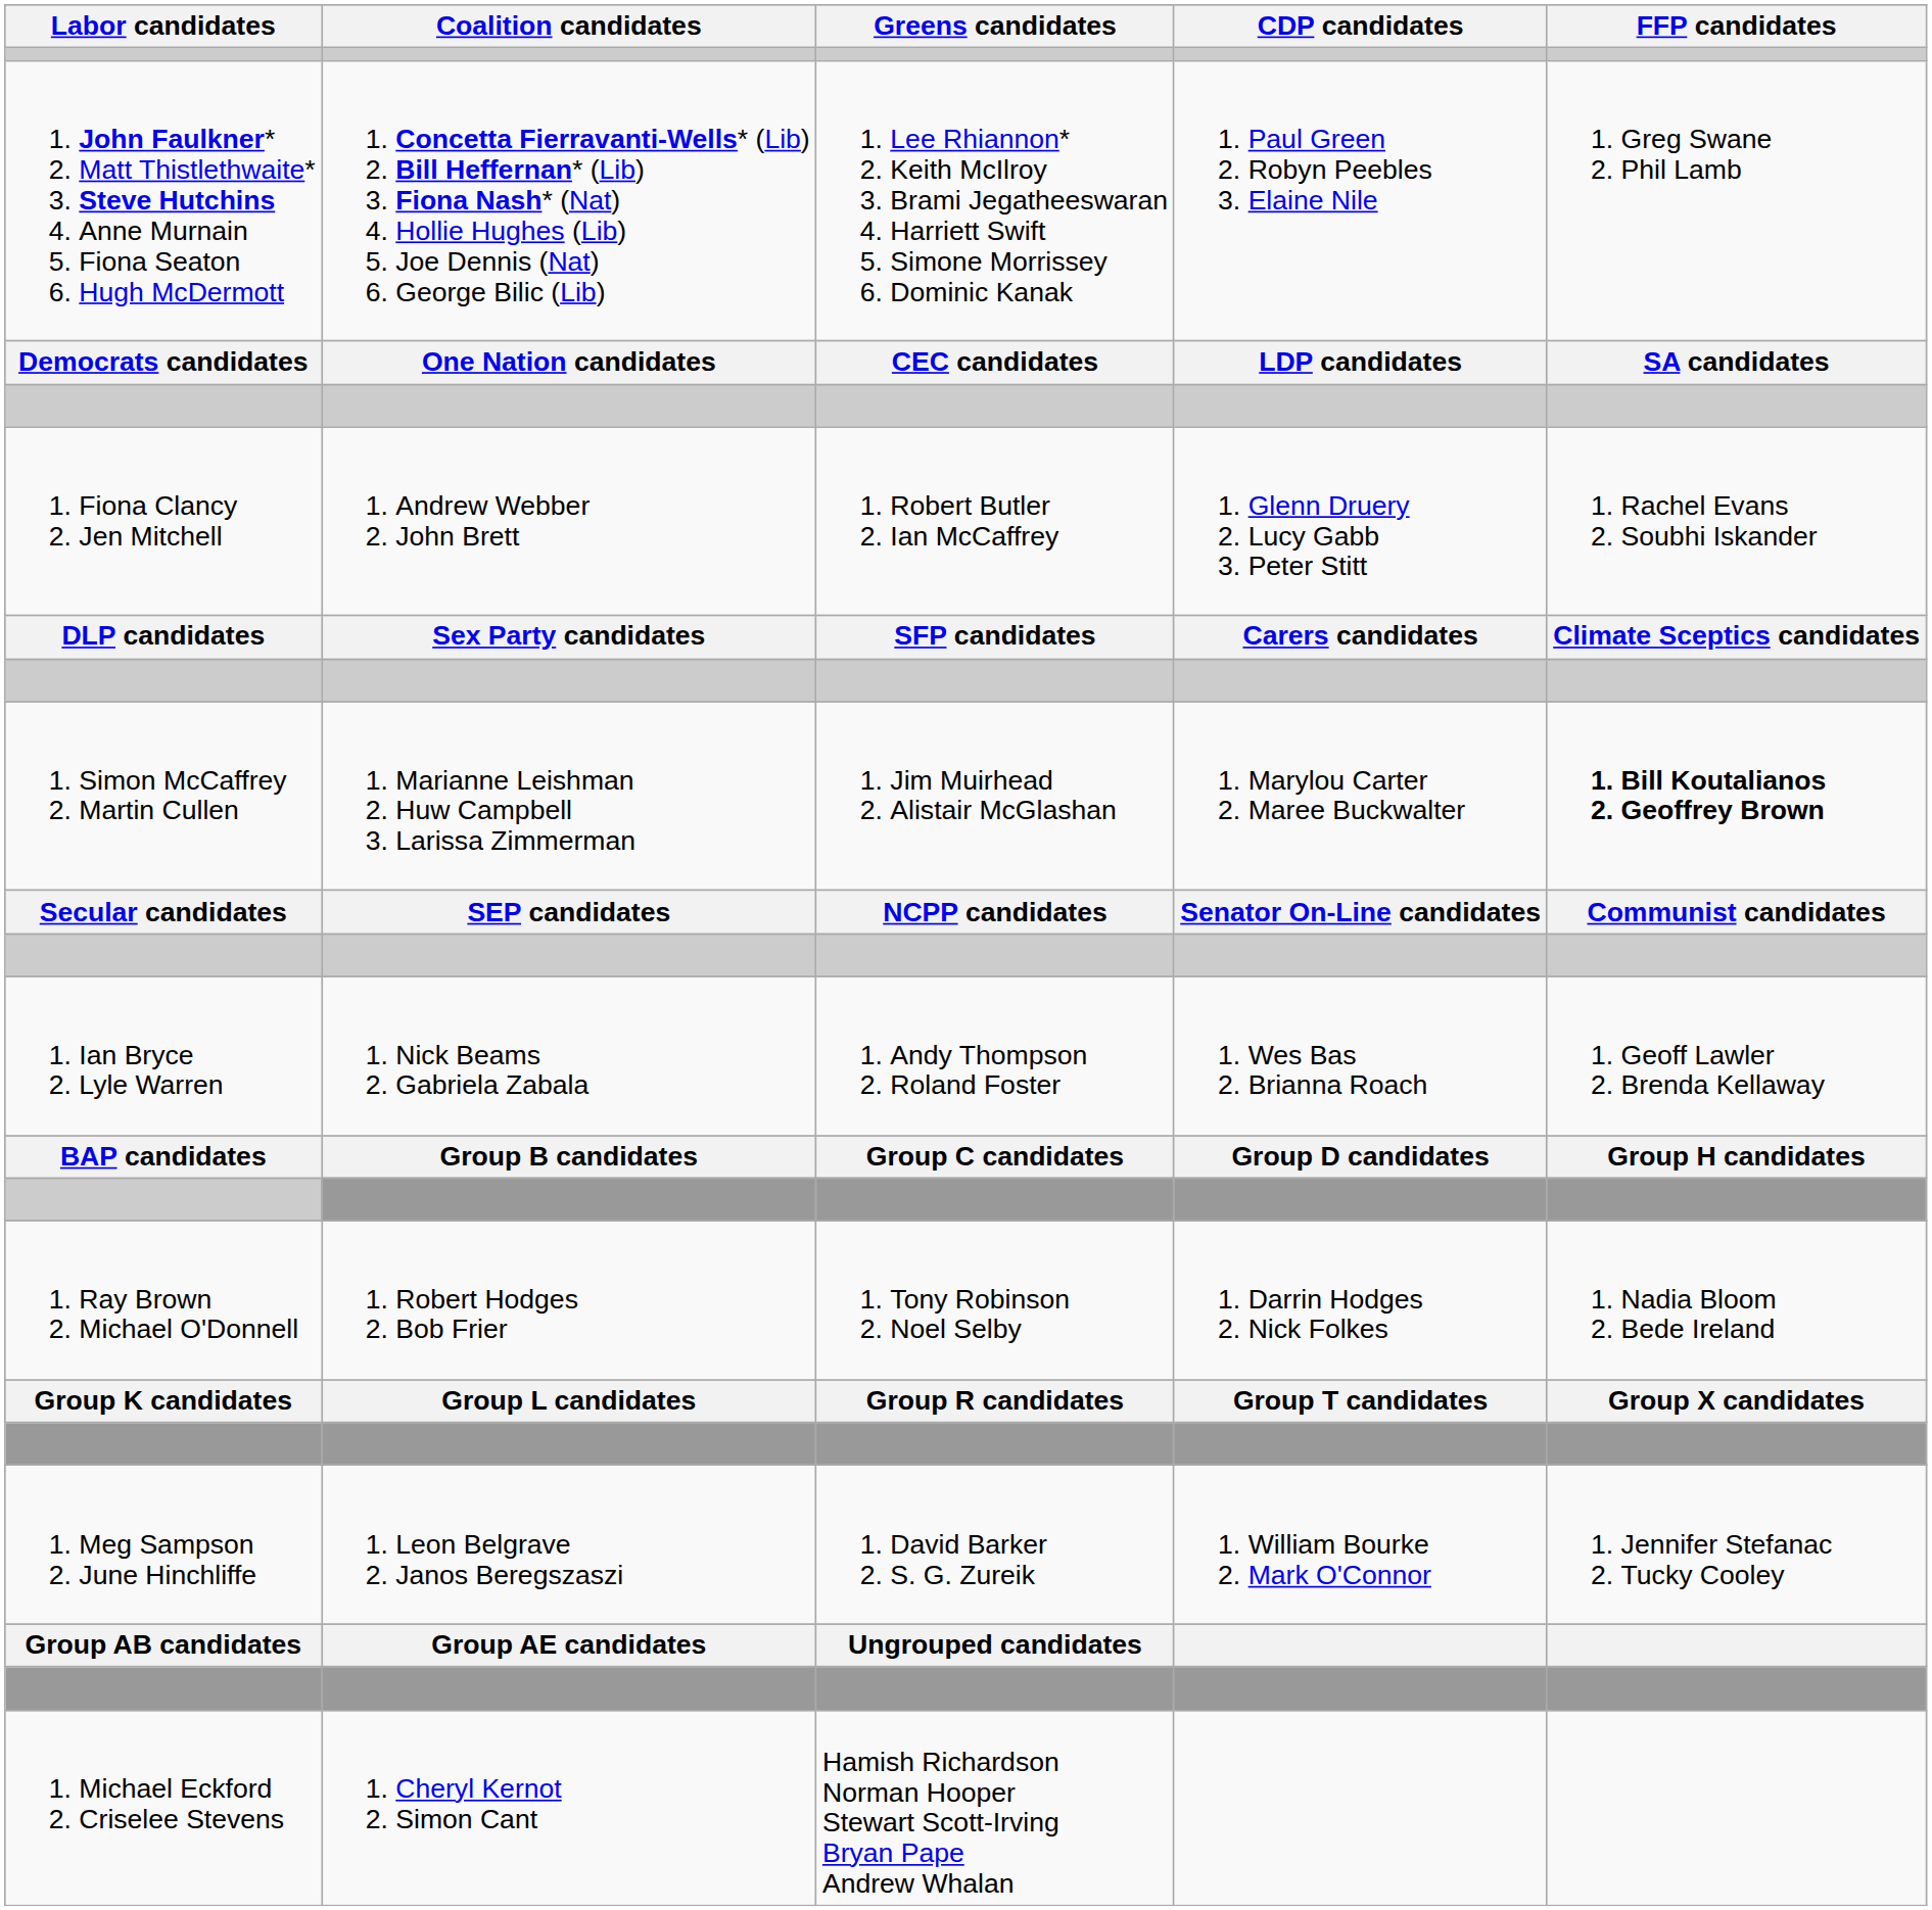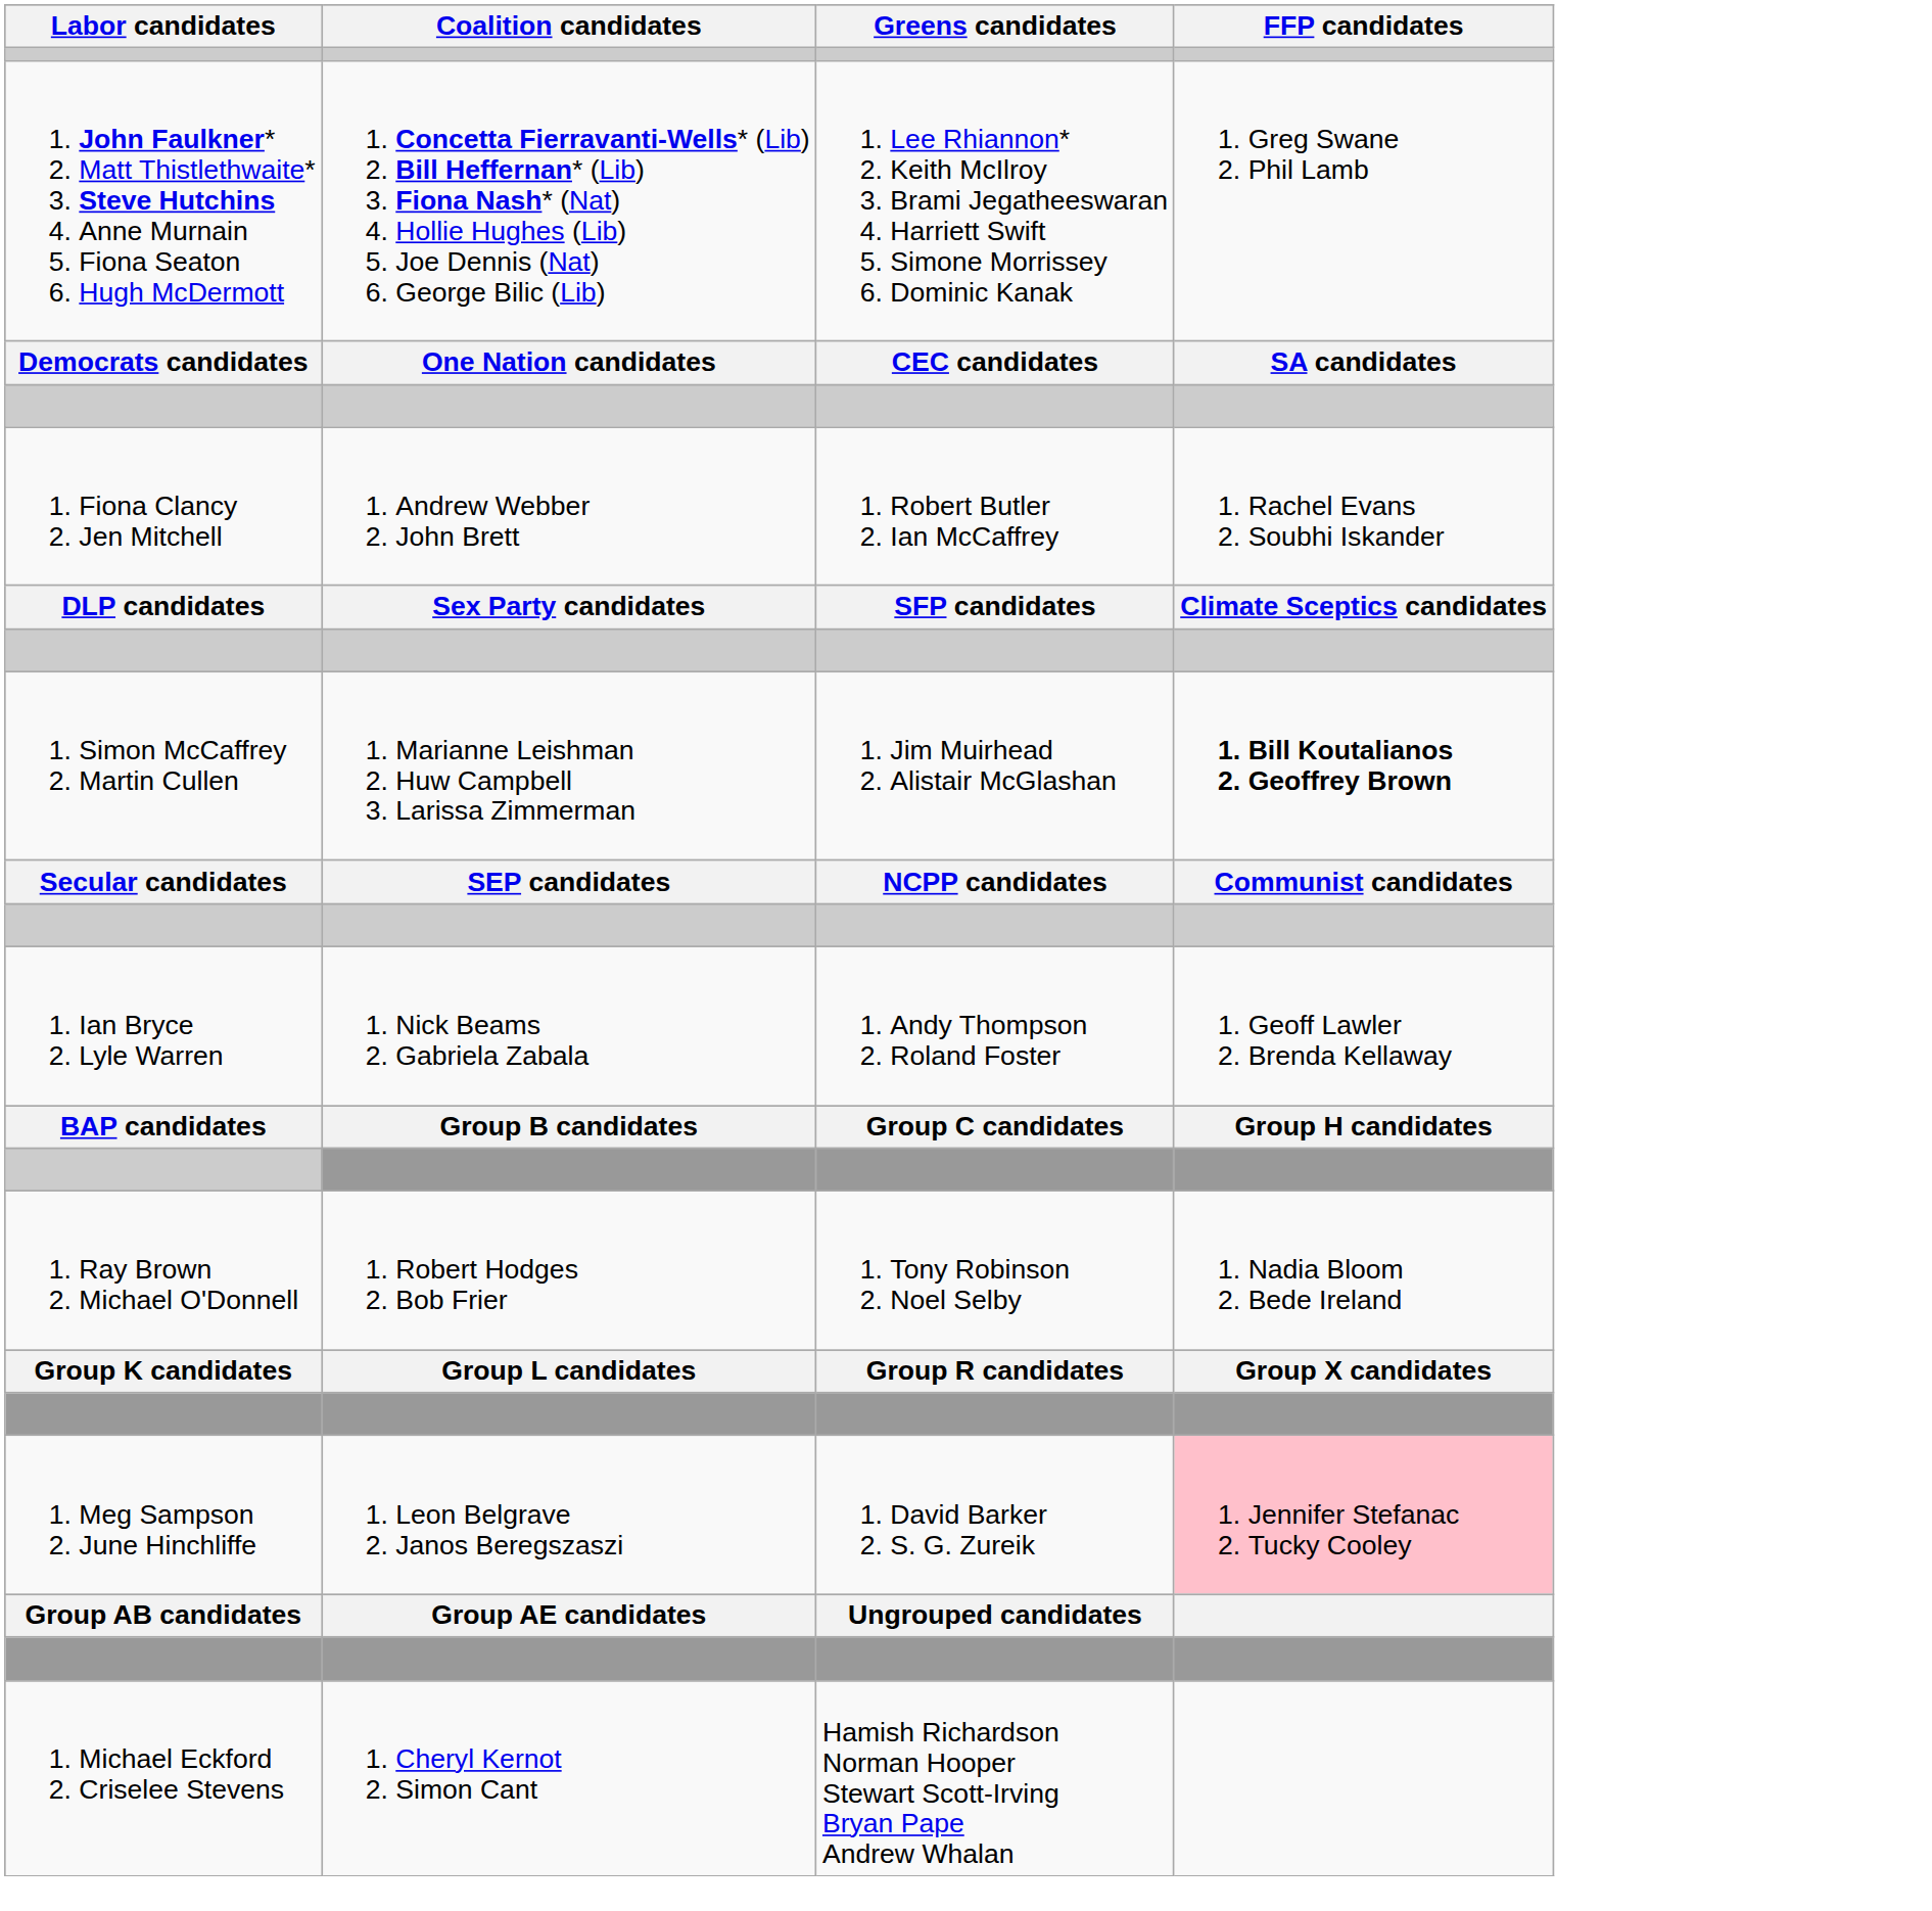 <table class="wikitable">
 <tr>
 <th><a href='#'>Labor</a> candidates</th>
 <th><a href='#'>Coalition</a> candidates</th>
 <th><a href='#'>Greens</a> candidates</th>
-<th><a href='#'>CDP</a> candidates</th>
 <th><a href='#'>FFP</a> candidates</th>
 </tr>
 <tr style="background:#ccc;">
-<td></td>
 <td></td>
 <td></td>
 <td></td>
 <td></td>
 </tr>
 <tr>
 <td><br><ol><li><strong><a href='#'>John Faulkner</a></strong>*</li><li><a href='#'>Matt Thistlethwaite</a>*</li><li><strong><a href='#'>Steve Hutchins</a></strong></li><li>Anne Murnain</li><li>Fiona Seaton</li><li><a href='#'>Hugh McDermott</a></li></ol></td>
 <td><br><ol><li><strong><a href='#'>Concetta Fierravanti-Wells</a></strong>* (<a href='#'>Lib</a>)</li><li><strong><a href='#'>Bill Heffernan</a></strong>* (<a href='#'>Lib</a>)</li><li><strong><a href='#'>Fiona Nash</a></strong>* (<a href='#'>Nat</a>)</li><li><a href='#'>Hollie Hughes</a> (<a href='#'>Lib</a>)</li><li>Joe Dennis (<a href='#'>Nat</a>)</li><li>George Bilic (<a href='#'>Lib</a>)</li></ol></td>
 <td><br><ol><li><a href='#'>Lee Rhiannon</a>*</li><li>Keith McIlroy</li><li>Brami Jegatheeswaran</li><li>Harriett Swift</li><li>Simone Morrissey</li><li>Dominic Kanak</li></ol></td>
-<td valign=top><br><ol><li><a href='#'>Paul Green</a></li><li>Robyn Peebles</li><li><a href='#'>Elaine Nile</a></li></ol></td>
 <td valign=top><br><ol><li>Greg Swane</li><li>Phil Lamb</li></ol></td>
 </tr>
 <tr style="background:#ccc;">
 <th><a href='#'>Democrats</a> candidates</th>
 <th><a href='#'>One Nation</a> candidates</th>
 <th><a href='#'>CEC</a> candidates</th>
-<th><a href='#'>LDP</a> candidates</th>
 <th><a href='#'>SA</a> candidates</th>
 </tr>
 <tr style="background:#ccc;">
-<td></td>
 <td></td>
 <td></td>
 <td></td>
 <td> </td>
 </tr>
 <tr>
 <td valign=top><br><ol><li>Fiona Clancy</li><li>Jen Mitchell</li></ol></td>
 <td valign=top><br><ol><li>Andrew Webber</li><li>John Brett</li></ol></td>
 <td valign=top><br><ol><li>Robert Butler</li><li>Ian McCaffrey</li></ol></td>
-<td valign=top><br><ol><li><a href='#'>Glenn Druery</a></li><li>Lucy Gabb</li><li>Peter Stitt</li></ol></td>
 <td valign=top><br><ol><li>Rachel Evans</li><li>Soubhi Iskander</li></ol></td>
 </tr>
 <tr style="background:#ccc;">
 <th><a href='#'>DLP</a> candidates</th>
 <th><a href='#'>Sex Party</a> candidates</th>
 <th><a href='#'>SFP</a> candidates</th>
-<th><a href='#'>Carers</a> candidates</th>
 <th><a href='#'>Climate Sceptics</a> candidates</th>
 </tr>
 <tr style="background:#ccc;">
-<td></td>
 <td></td>
 <td></td>
 <td></td>
 <td> </td>
 </tr>
 <tr>
 <td valign=top><br><ol><li>Simon McCaffrey</li><li>Martin Cullen</li></ol></td>
 <td valign=top><br><ol><li>Marianne Leishman</li><li>Huw Campbell</li><li>Larissa Zimmerman</li></ol></td>
 <td valign=top><br><ol><li>Jim Muirhead</li><li>Alistair McGlashan</li></ol></td>
-<td valign=top><br><ol><li>Marylou Carter</li><li>Maree Buckwalter</li></ol></td>
 <td valign=top><strong><br><ol><li>Bill Koutalianos</li><li>Geoffrey Brown</li></ol></strong></td>
 </tr>
 <tr style="background:#ccc;">
 <th><a href='#'>Secular</a> candidates</th>
 <th><a href='#'>SEP</a> candidates</th>
 <th><a href='#'>NCPP</a> candidates</th>
-<th><a href='#'>Senator On-Line</a> candidates</th>
 <th><a href='#'>Communist</a> candidates</th>
 </tr>
 <tr style="background:#ccc;">
-<td></td>
 <td></td>
 <td></td>
 <td></td>
 <td> </td>
 </tr>
 <tr>
 <td valign=top><br><ol><li>Ian Bryce</li><li>Lyle Warren</li></ol></td>
 <td valign=top><br><ol><li>Nick Beams</li><li>Gabriela Zabala</li></ol></td>
 <td valign=top><br><ol><li>Andy Thompson</li><li>Roland Foster</li></ol></td>
-<td valign=top><br><ol><li>Wes Bas</li><li>Brianna Roach</li></ol></td>
 <td valign=top><br><ol><li>Geoff Lawler</li><li>Brenda Kellaway</li></ol></td>
 </tr>
 <tr style="background:#ccc;">
 <th><a href='#'>BAP</a> candidates</th>
 <th>Group B candidates</th>
 <th>Group C candidates</th>
-<th>Group D candidates</th>
 <th>Group H candidates</th>
 </tr>
 <tr style="background:#ccc;">
 <td></td>
-<td style="background:#999;"></td>
 <td style="background:#999;"></td>
 <td style="background:#999;"></td>
 <td style="background:#999;"> </td>
 </tr>
 <tr>
 <td valign=top><br><ol><li>Ray Brown</li><li>Michael O'Donnell</li></ol></td>
 <td valign=top><br><ol><li>Robert Hodges</li><li>Bob Frier</li></ol></td>
 <td valign=top><br><ol><li>Tony Robinson</li><li>Noel Selby</li></ol></td>
-<td valign=top><br><ol><li>Darrin Hodges</li><li>Nick Folkes</li></ol></td>
 <td valign=top><br><ol><li>Nadia Bloom</li><li>Bede Ireland</li></ol></td>
 </tr>
 <tr style="background:#ccc;">
 <th>Group K candidates</th>
 <th>Group L candidates</th>
 <th>Group R candidates</th>
-<th>Group T candidates</th>
 <th>Group X candidates</th>
 </tr>
 <tr style="background:#ccc; background:#999;">
 <td></td>
-<td style="background:#999;"></td>
 <td style="background:#999;"></td>
 <td style="background:#999;"></td>
 <td style="background:#999;"> </td>
 </tr>
 <tr>
 <td valign=top><br><ol><li>Meg Sampson</li><li>June Hinchliffe</li></ol></td>
 <td valign=top><br><ol><li>Leon Belgrave</li><li>Janos Beregszaszi</li></ol></td>
 <td valign=top><br><ol><li>David Barker</li><li>S. G. Zureik</li></ol></td>
-<td valign=top><br><ol><li>William Bourke</li><li><a href='#'>Mark O'Connor</a></li></ol></td>
-<td valign=top><br><ol><li>Jennifer Stefanac</li><li>Tucky Cooley</li></ol></td>
+<td valign=top style="background: pink;"><br><ol><li>Jennifer Stefanac</li><li>Tucky Cooley</li></ol></td>
 </tr>
 <tr style="background:#ccc;">
 <th>Group AB candidates</th>
 <th>Group AE candidates</th>
 <th>Ungrouped candidates</th>
 <th></th>
-<th></th>
 </tr>
 <tr style="background:#ccc; background:#999;">
 <td></td>
-<td style="background:#999;"></td>
 <td style="background:#999;"></td>
 <td style="background:#999;"></td>
 <td style="background:#999;"> </td>
 </tr>
 <tr>
 <td valign=top><br><ol><li>Michael Eckford</li><li>Criselee Stevens</li></ol></td>
 <td valign=top><br><ol><li><a href='#'>Cheryl Kernot</a></li><li>Simon Cant</li></ol></td>
 <td valign=top><br>Hamish Richardson<br> Norman Hooper<br> Stewart Scott-Irving<br> <a href='#'>Bryan Pape</a><br> Andrew Whalan</td>
 <td valign=top></td>
-<td valign=top></td>
 </tr>
 </table>
